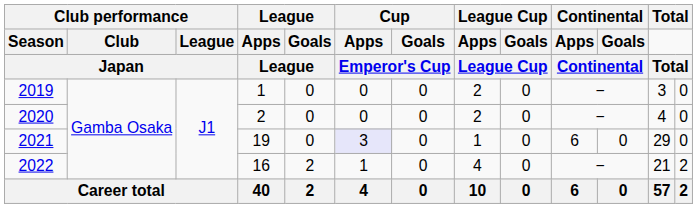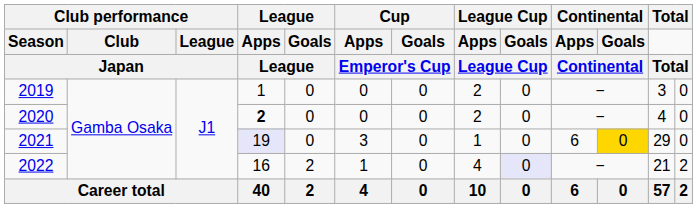 <table class="wikitable" style="text-align:center">
 <tr>
 <th colspan=3>Club performance</th>
 <th colspan=2>League</th>
 <th colspan=2>Cup</th>
 <th colspan=2>League Cup</th>
 <th colspan=2>Continental</th>
 <th colspan=3>Total</th>
 </tr>
 <tr>
 <th>Season</th>
 <th>Club</th>
 <th>League</th>
 <th>Apps</th>
 <th>Goals</th>
 <th>Apps</th>
 <th>Goals</th>
 <th>Apps</th>
 <th>Goals</th>
 <th>Apps</th>
 <th>Goals</th>
 </tr>
 <tr>
 <th colspan=3>Japan</th>
 <th colspan=2>League</th>
 <th colspan=2><a href='#'>Emperor's Cup</a></th>
 <th colspan=2><a href='#'>League Cup</a></th>
 <th colspan=2><a href='#'>Continental</a></th>
 <th colspan=3>Total</th>
 </tr>
 <tr>
 <td><a href='#'>2019</a></td>
 <td rowspan="4"><a href='#'>Gamba Osaka</a></td>
 <td rowspan="4"><a href='#'>J1</a></td>
 <td>1</td>
 <td>0</td>
 <td>0</td>
 <td>0</td>
 <td>2</td>
 <td>0</td>
 <td colspan="2">−</td>
 <td>3</td>
 <td>0</td>
 </tr>
 <tr>
 <td><a href='#'>2020</a></td>
-<td>2</td>
+<td><strong>2</strong></td>
 <td>0</td>
 <td>0</td>
 <td>0</td>
 <td>2</td>
 <td>0</td>
 <td colspan="2">−</td>
 <td>4</td>
 <td>0</td>
 </tr>
 <tr>
 <td><a href='#'>2021</a></td>
-<td>19</td>
+<td style="background: lavender;">19</td>
 <td>0</td>
-<td style="background: lavender;">3</td>
+<td>3</td>
 <td>0</td>
 <td>1</td>
 <td>0</td>
 <td>6</td>
-<td>0</td>
+<td style="background: gold;">0</td>
 <td>29</td>
 <td>0</td>
 </tr>
 <tr>
 <td><a href='#'>2022</a></td>
 <td>16</td>
 <td>2</td>
 <td>1</td>
 <td>0</td>
 <td>4</td>
-<td>0</td>
+<td style="background: lavender;">0</td>
 <td colspan="2">−</td>
 <td>21</td>
 <td>2</td>
 </tr>
 <tr>
 <th colspan=3>Career total</th>
 <th>40</th>
 <th>2</th>
 <th>4</th>
 <th>0</th>
 <th>10</th>
 <th>0</th>
 <th>6</th>
 <th>0</th>
 <th>57</th>
 <th>2</th>
 </tr>
 </table>
